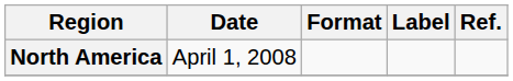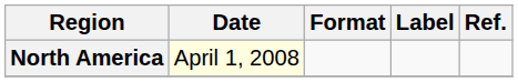 <table class="wikitable plainrowheaders">
 <tr>
 <th scope="col">Region</th>
 <th scope="col">Date</th>
 <th scope="col">Format</th>
 <th scope="col">Label</th>
 <th scope="col">Ref.</th>
 </tr>
 <tr>
 <th scope="row">North America</th>
-<td>April 1, 2008</td>
+<td style="background: lightyellow;">April 1, 2008</td>
 <td></td>
 <td></td>
 <td></td>
 </tr>
 <tr>
 </tr>
 </table>
